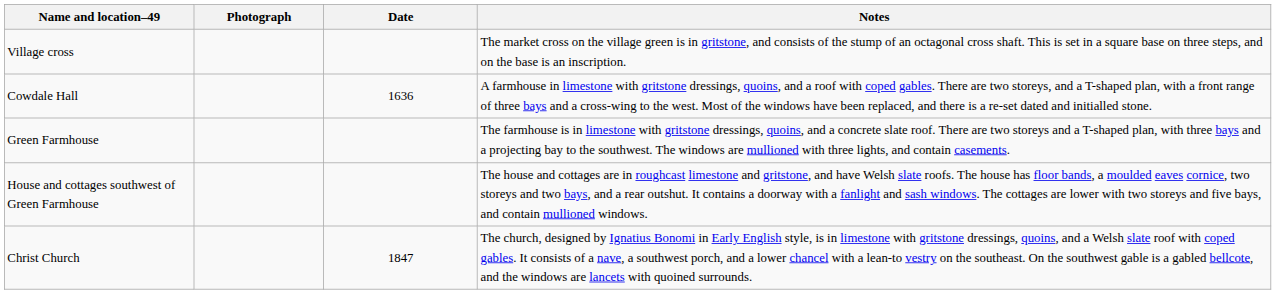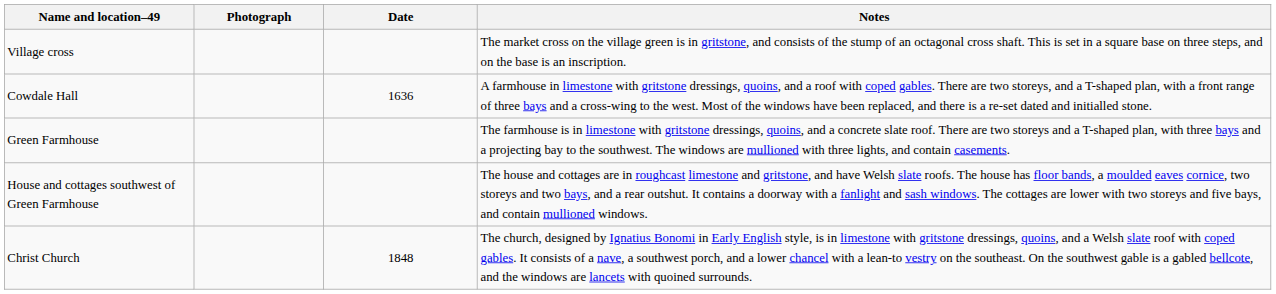 <table class="wikitable sortable plainrowheaders" style="width:100%;border:0px;text-align:left;line-height:150%;">
 <tr>
 <th scope="col"  style="width:150px">Name and location–49</th>
 <th scope="col"  style="width:100px" class="unsortable">Photograph</th>
 <th scope="col"  style="width:120px">Date</th>
 <th scope="col"  style="width:650px" class="unsortable">Notes</th>
 </tr>
 <tr>
 <td>Village cross<br><small></small></td>
 <td></td>
 <td align="center"></td>
 <td>The market cross on the village green is in <a href='#'>gritstone</a>, and consists of the stump of an octagonal cross shaft.  This is set in a square base on three steps, and on the base is an inscription.</td>
 </tr>
 <tr>
 <td>Cowdale Hall<br><small></small></td>
 <td></td>
 <td align="center">1636</td>
 <td>A farmhouse in <a href='#'>limestone</a> with <a href='#'>gritstone</a> dressings, <a href='#'>quoins</a>, and a roof with <a href='#'>coped</a> <a href='#'>gables</a>.  There are two storeys, and a T-shaped plan, with a front range of three <a href='#'>bays</a> and a cross-wing to the west.  Most of the windows have been replaced, and there is a re-set dated and initialled stone.</td>
 </tr>
 <tr>
 <td>Green Farmhouse<br><small></small></td>
 <td></td>
 <td align="center"></td>
 <td>The farmhouse is in <a href='#'>limestone</a> with <a href='#'>gritstone</a> dressings, <a href='#'>quoins</a>, and a concrete slate roof.  There are two storeys and a T-shaped plan, with three <a href='#'>bays</a> and a projecting bay to the southwest.  The windows are <a href='#'>mullioned</a> with three lights, and contain <a href='#'>casements</a>.</td>
 </tr>
 <tr>
 <td>House and cottages southwest of Green Farmhouse<br><small></small></td>
 <td></td>
 <td align="center"></td>
 <td>The house and cottages are in <a href='#'>roughcast</a> <a href='#'>limestone</a> and <a href='#'>gritstone</a>, and have Welsh <a href='#'>slate</a> roofs.  The house has <a href='#'>floor bands</a>, a <a href='#'>moulded</a> <a href='#'>eaves</a> <a href='#'>cornice</a>, two storeys and two <a href='#'>bays</a>, and a rear outshut.  It contains a doorway with a <a href='#'>fanlight</a> and <a href='#'>sash windows</a>.  The cottages are lower with two storeys and five bays, and contain <a href='#'>mullioned</a> windows.</td>
 </tr>
 <tr>
 <td>Christ Church<br><small></small></td>
 <td></td>
-<td align="center">1847</td>
+<td align="center">1848</td>
 <td>The church, designed by <a href='#'>Ignatius Bonomi</a> in <a href='#'>Early English</a> style, is in <a href='#'>limestone</a> with <a href='#'>gritstone</a> dressings, <a href='#'>quoins</a>, and a Welsh <a href='#'>slate</a> roof with <a href='#'>coped</a> <a href='#'>gables</a>.  It consists of a <a href='#'>nave</a>, a southwest porch, and a lower <a href='#'>chancel</a> with a lean-to <a href='#'>vestry</a> on the southeast.  On the southwest gable is a gabled <a href='#'>bellcote</a>, and the windows are <a href='#'>lancets</a> with quoined surrounds.</td>
 </tr>
 <tr>
 </tr>
 </table>
